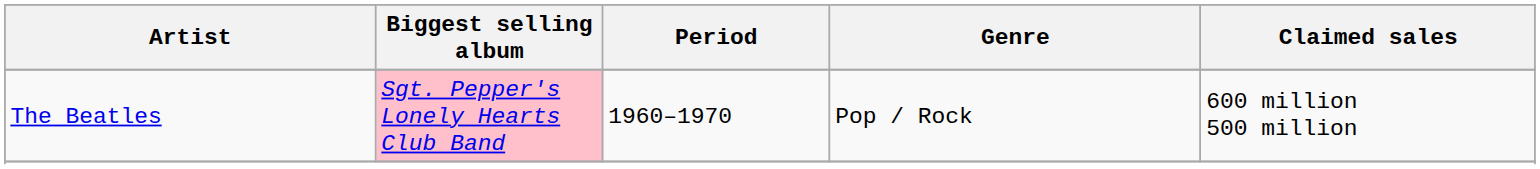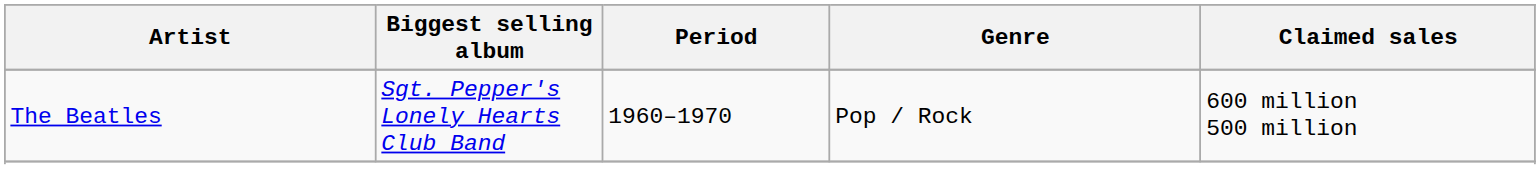 <table class="wikitable sortable" style="font-size:98%;">
 <tr>
 <th width="200">Artist</th>
 <th width="120">Biggest selling album</th>
 <th width="120">Period</th>
 <th width="200">Genre</th>
 <th width="180">Claimed sales</th>
 </tr>
 <tr |-|-|-|-|-|-|-|-|-|-|-|-|-|-|-|-|-|->
 </tr>
 <tr |-|-|-|-|-|-|-|-|-|-|-|-|-|-|-|-|-|->
 </tr>
 <tr |-|-|-|-|-|-|-|-|-|-|-|-|-|-|-|-|-|->
 </tr>
 <tr |-|-|-|-|-|-|-|-|-|-|-|-|-|-|-|-|-|->
 </tr>
 <tr |-|-|-|-|-|-|-|-|-|-|-|-|-|-|-|-|-|->
 </tr>
 <tr |-|-|-|-|-|-|-|-|-|-|-|-|-|-|-|-|-|->
 </tr>
 <tr |-|-|-|-|-|-|-|-|-|-|-|-|-|-|-|-|-|->
 </tr>
 <tr |-|-|-|-|-|-|-|-|-|-|-|-|-|-|-|-|-|->
 </tr>
 <tr |-|-|-|-|-|-|-|-|-|-|-|-|-|-|-|-|-|->
 </tr>
 <tr |-|-|-|-|-|-|-|-|-|-|-|-|-|-|-|-|-|->
 </tr>
 <tr |-|-|-|-|-|-|-|-|-|-|-|-|-|-|-|-|-|->
 </tr>
 <tr |-|-|-|-|-|-|-|-|-|-|-|-|-|-|-|-|-|->
 </tr>
 <tr |-|-|-|-|-|-|-|-|-|-|-|-|-|-|-|-|-|->
 <td><a href='#'>The Beatles</a></td>
-<td style="background: pink;"><em><a href='#'>Sgt. Pepper's Lonely Hearts Club Band</a></em></td>
+<td><em><a href='#'>Sgt. Pepper's Lonely Hearts Club Band</a></em></td>
 <td>1960–1970</td>
 <td>Pop / Rock</td>
 <td>600 million<br>500 million</td>
 </tr>
 <tr |-|-|-|-|-|-|-|-|-|-|-|-|-|-|-|-|-|->
 </tr>
 <tr |-|-|-|-|-|-|-|-|-|-|-|-|-|-|-|-|-|->
 </tr>
 <tr |-|-|-|-|-|-|-|-|-|-|-|-|-|-|-|-|-|->
 </tr>
 <tr |-|-|-|-|-|-|-|-|-|-|-|-|-|-|-|-|-|->
 </tr>
 <tr |-|-|-|-|-|-|-|-|-|-|-|-|-|-|-|-|-|->
 </tr>
 <tr |-|-|-|-|-|-|-|-|-|-|-|-|-|-|-|-|-|->
 </tr>
 <tr |-|-|-|-|-|-|-|-|-|-|-|-|-|-|-|-|-|->
 </tr>
 <tr |-|-|-|-|-|-|-|-|-|-|-|-|-|-|-|-|-|->
 </tr>
 <tr |-|-|-|-|-|-|-|-|-|-|-|-|-|-|-|-|-|->
 </tr>
 <tr |-|-|-|-|-|-|-|-|-|-|-|-|-|-|-|-|-|->
 </tr>
 <tr |-|-|-|-|-|-|-|-|-|-|-|-|-|-|-|-|-|->
 </tr>
 </table>
